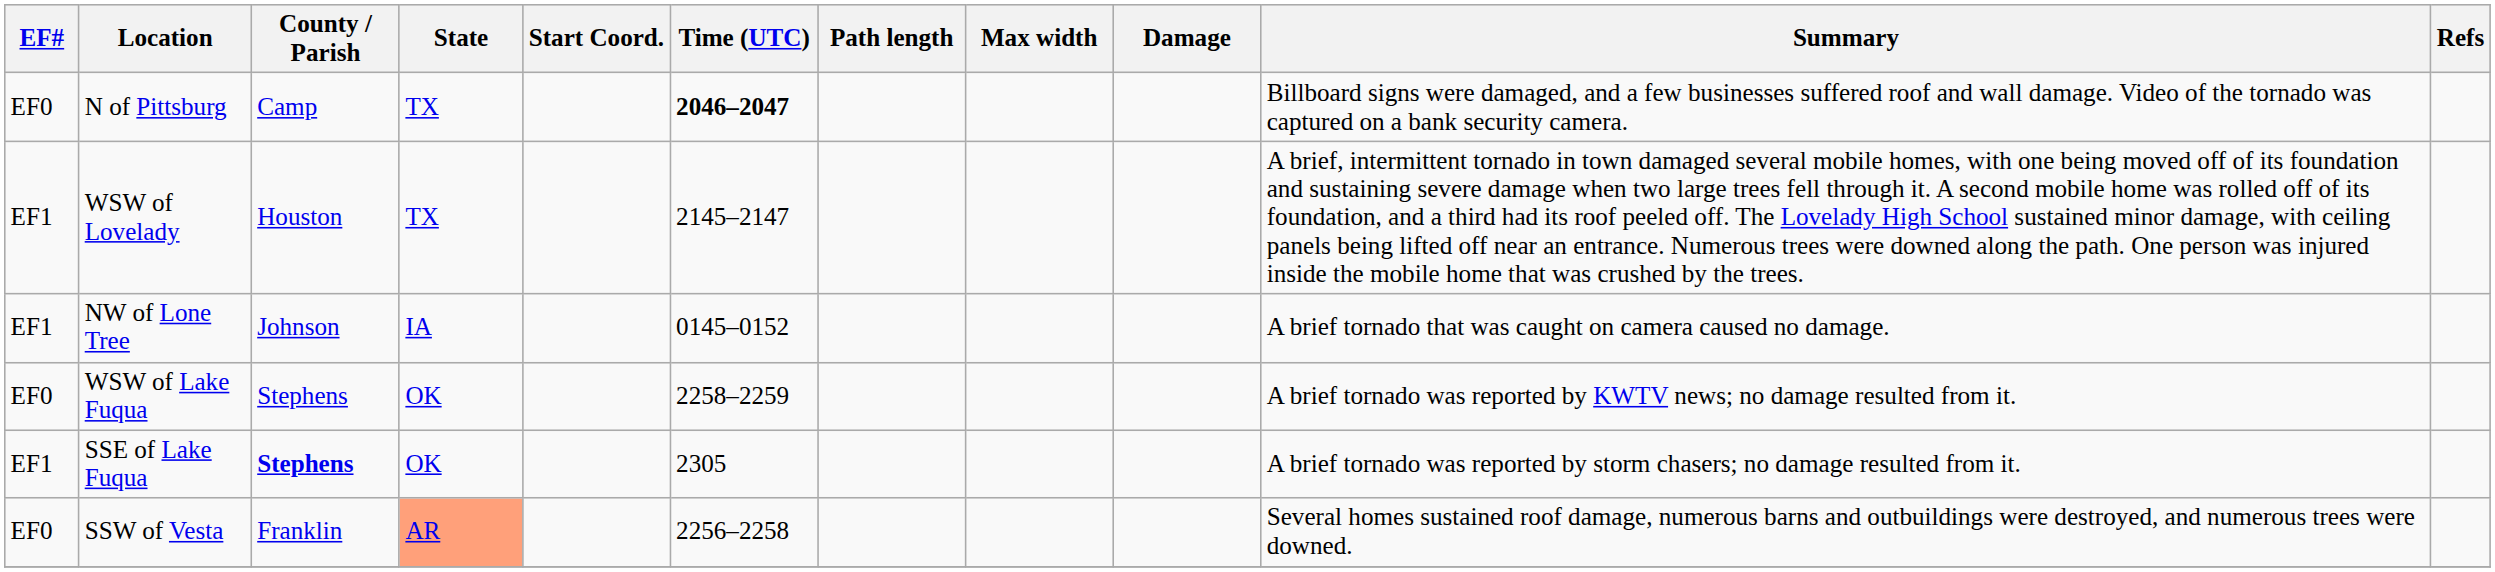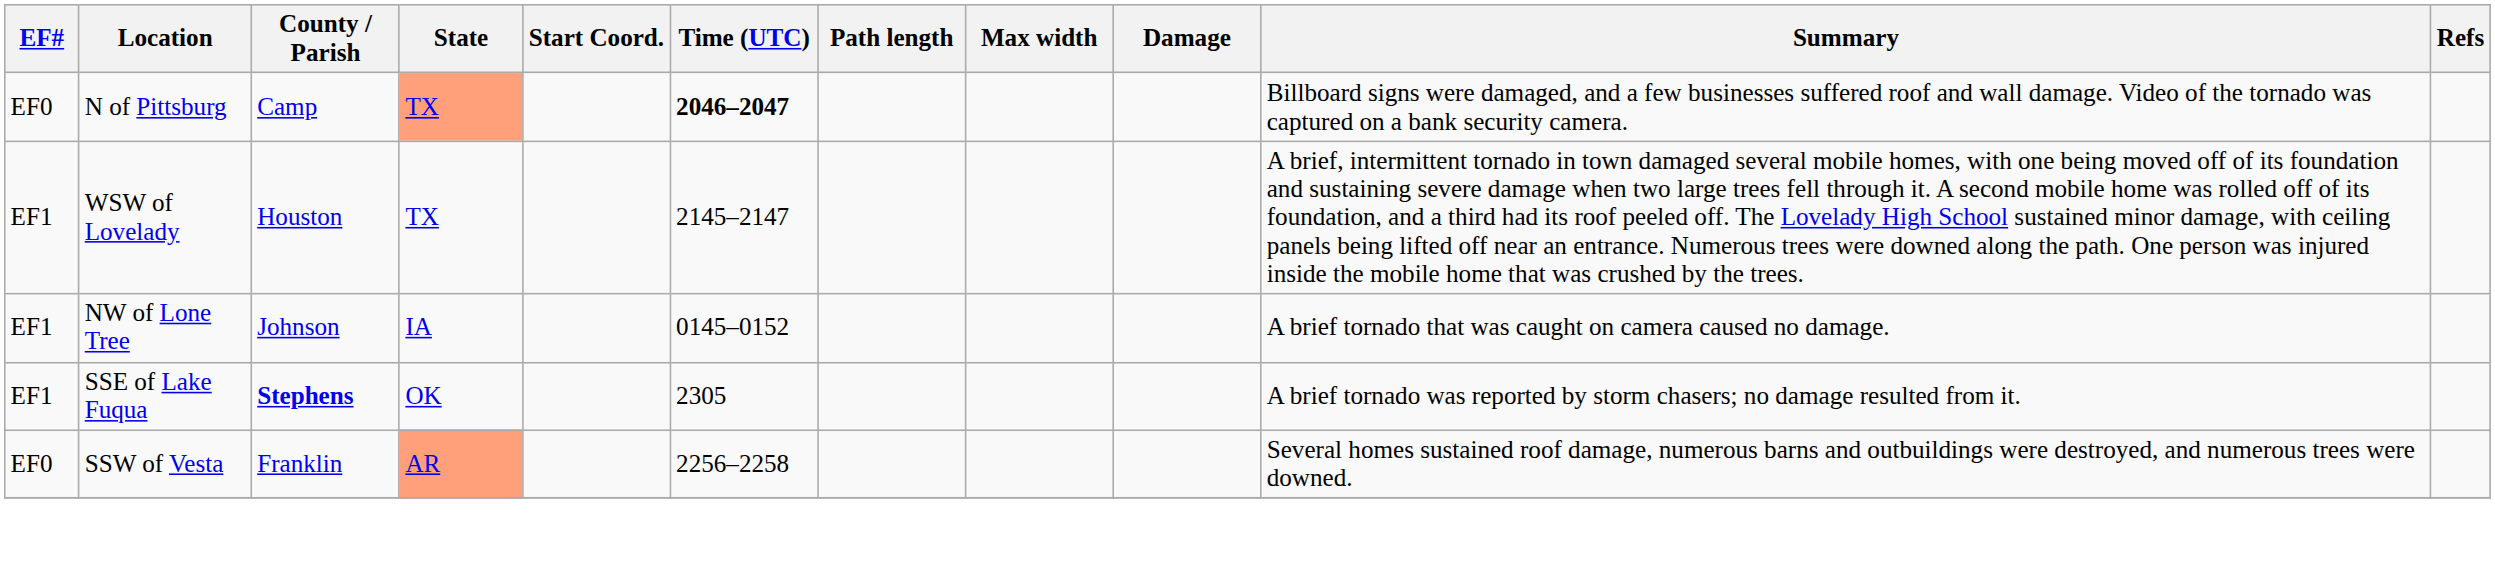 <table class="wikitable sortable" style="width:100%;">
 <tr>
 <th scope="col" width="3%" align="center"><a href='#'>EF#</a></th>
 <th scope="col" width="7%" align="center" class="unsortable">Location</th>
 <th scope="col" width="6%" align="center" class="unsortable">County / Parish</th>
 <th scope="col" width="5%" align="center">State</th>
 <th scope="col" width="6%" align="center">Start Coord.</th>
 <th scope="col" width="6%" align="center">Time (<a href='#'>UTC</a>)</th>
 <th scope="col" width="6%" align="center">Path length</th>
 <th scope="col" width="6%" align="center">Max width</th>
 <th scope="col" width="6%" align="center">Damage</th>
 <th scope="col" width="48%" class="unsortable" align="center">Summary</th>
 <th scope="col" width="48%" class="unsortable" align="center">Refs</th>
 </tr>
 <tr>
 <td>EF0</td>
 <td>N of <a href='#'>Pittsburg</a></td>
 <td><a href='#'>Camp</a></td>
-<td><a href='#'>TX</a></td>
+<td style="background: lightsalmon;"><a href='#'>TX</a></td>
 <td></td>
 <td><strong>2046–2047</strong></td>
 <td></td>
 <td></td>
 <td></td>
 <td>Billboard signs were damaged, and a few businesses suffered roof and wall damage. Video of the tornado was captured on a bank security camera.</td>
 <td></td>
 </tr>
 <tr>
 <td>EF1</td>
 <td>WSW of <a href='#'>Lovelady</a></td>
 <td><a href='#'>Houston</a></td>
 <td><a href='#'>TX</a></td>
 <td></td>
 <td>2145–2147</td>
 <td></td>
 <td></td>
 <td></td>
 <td>A brief, intermittent tornado in town damaged several mobile homes, with one being moved off of its foundation and sustaining severe damage when two large trees fell through it. A second mobile home was rolled off of its foundation, and a third had its roof peeled off. The <a href='#'>Lovelady High School</a> sustained minor damage, with ceiling panels being lifted off near an entrance. Numerous trees were downed along the path. One person was injured inside the mobile home that was crushed by the trees.</td>
 <td></td>
 </tr>
 <tr>
 <td>EF1</td>
 <td>NW of <a href='#'>Lone Tree</a></td>
 <td><a href='#'>Johnson</a></td>
 <td><a href='#'>IA</a></td>
 <td></td>
 <td>0145–0152</td>
 <td></td>
 <td></td>
 <td></td>
 <td>A brief tornado that was caught on camera caused no damage.</td>
 <td></td>
 </tr>
 <tr>
-<td>EF0</td>
-<td>WSW of <a href='#'>Lake Fuqua</a></td>
-<td><a href='#'>Stephens</a></td>
-<td><a href='#'>OK</a></td>
-<td></td>
-<td>2258–2259</td>
-<td></td>
-<td></td>
-<td></td>
-<td>A brief tornado was reported by <a href='#'>KWTV</a> news; no damage resulted from it.</td>
-<td></td>
-</tr>
-<tr>
 <td>EF1</td>
 <td>SSE of <a href='#'>Lake Fuqua</a></td>
 <td><strong><a href='#'>Stephens</a></strong></td>
 <td><a href='#'>OK</a></td>
 <td></td>
 <td>2305</td>
 <td></td>
 <td></td>
 <td></td>
 <td>A brief tornado was reported by storm chasers; no damage resulted from it.</td>
 <td></td>
 </tr>
 <tr>
 <td>EF0</td>
 <td>SSW of <a href='#'>Vesta</a></td>
 <td><a href='#'>Franklin</a></td>
 <td style="background: lightsalmon;"><a href='#'>AR</a></td>
 <td></td>
 <td>2256–2258</td>
 <td></td>
 <td></td>
 <td></td>
 <td>Several homes sustained roof damage, numerous barns and outbuildings were destroyed, and numerous trees were downed.</td>
 <td></td>
 </tr>
 <tr>
 </tr>
 </table>
